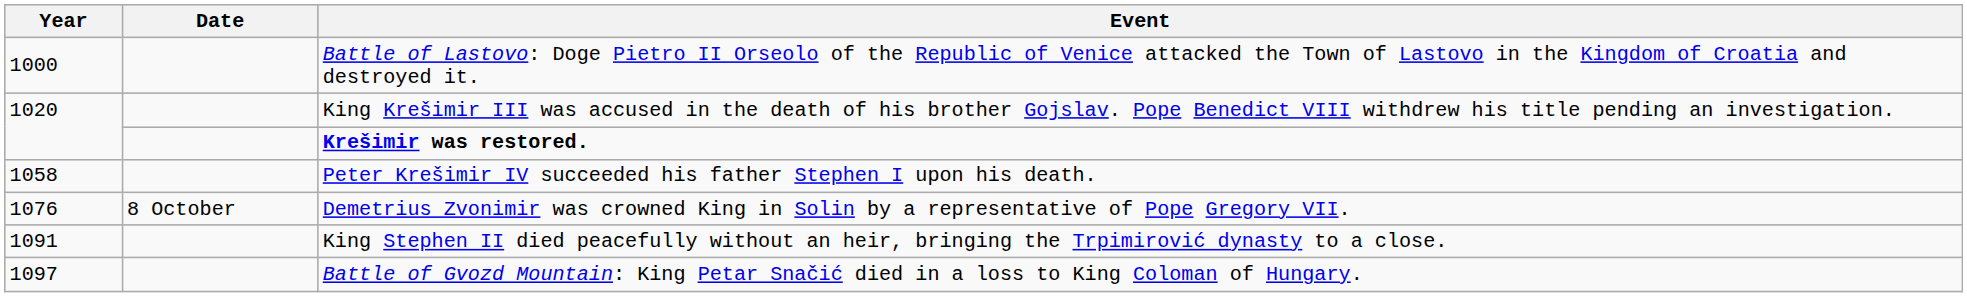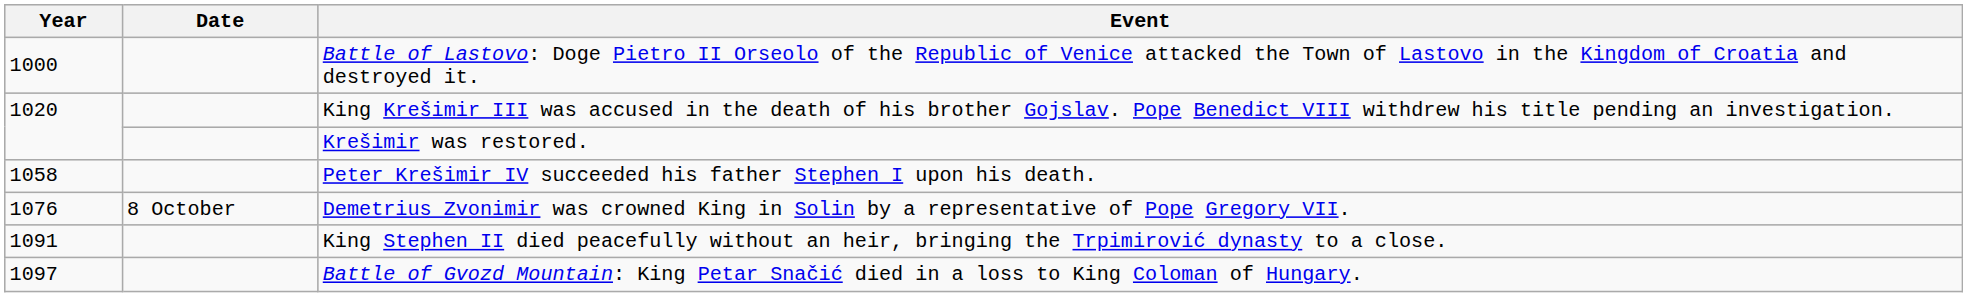 <table class="wikitable" width="100%">
 <tr>
 <th style="width:6%">Year</th>
 <th style="width:10%">Date</th>
 <th>Event</th>
 </tr>
 <tr>
 <td>1000</td>
 <td></td>
 <td><em><a href='#'>Battle of Lastovo</a></em>: Doge <a href='#'>Pietro II Orseolo</a> of the <a href='#'>Republic of Venice</a> attacked the Town of <a href='#'>Lastovo</a> in the <a href='#'>Kingdom of Croatia</a> and destroyed it.</td>
 </tr>
 <tr>
 <td rowspan="2" valign="top">1020</td>
 <td></td>
 <td>King <a href='#'>Krešimir III</a> was accused in the death of his brother <a href='#'>Gojslav</a>.  <a href='#'>Pope</a> <a href='#'>Benedict VIII</a> withdrew his title pending an investigation.</td>
 </tr>
 <tr>
 <td></td>
-<td><strong><a href='#'>Krešimir</a> was restored.</strong></td>
+<td><a href='#'>Krešimir</a> was restored.</td>
 </tr>
 <tr>
 <td>1058</td>
 <td></td>
 <td><a href='#'>Peter Krešimir IV</a> succeeded his father <a href='#'>Stephen I</a> upon his death.</td>
 </tr>
 <tr>
 <td>1076</td>
 <td>8 October</td>
 <td><a href='#'>Demetrius Zvonimir</a> was crowned King in <a href='#'>Solin</a> by a representative of <a href='#'>Pope</a> <a href='#'>Gregory VII</a>.</td>
 </tr>
 <tr>
 <td>1091</td>
 <td></td>
 <td>King <a href='#'>Stephen II</a> died peacefully without an heir, bringing the <a href='#'>Trpimirović dynasty</a> to a close.</td>
 </tr>
 <tr>
 <td>1097</td>
 <td></td>
 <td><em><a href='#'>Battle of Gvozd Mountain</a></em>: King <a href='#'>Petar Snačić</a> died in a loss to King <a href='#'>Coloman</a> of <a href='#'>Hungary</a>.</td>
 </tr>
 </table>
